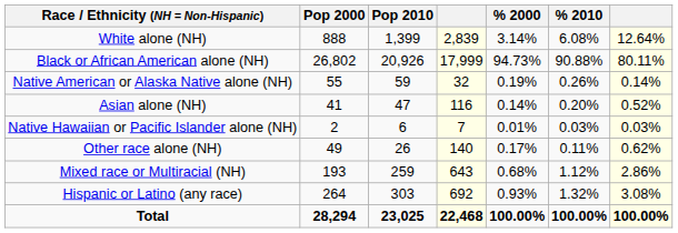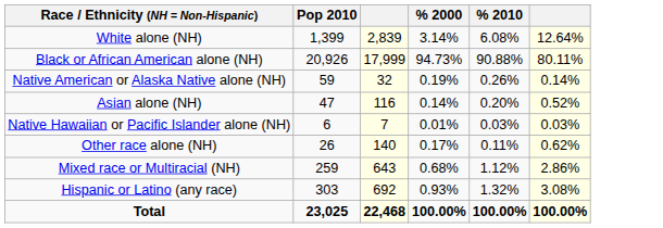 <table class="wikitable" style="text-align:center;">
 <tr>
 <th>Race / Ethnicity <small>(<em>NH = Non-Hispanic</em>)</small></th>
-<th>Pop 2000</th>
 <th>Pop 2010</th>
 <th></th>
 <th>% 2000</th>
 <th>% 2010</th>
 <th></th>
 </tr>
 <tr>
 <td><a href='#'>White</a> alone (NH)</td>
-<td>888</td>
 <td>1,399</td>
 <td style='background: #ffffe6;'>2,839</td>
 <td>3.14%</td>
 <td>6.08%</td>
 <td style='background: #ffffe6;'>12.64%</td>
 </tr>
 <tr>
 <td><a href='#'>Black or African American</a> alone (NH)</td>
-<td>26,802</td>
 <td>20,926</td>
 <td style='background: #ffffe6;'>17,999</td>
 <td>94.73%</td>
 <td>90.88%</td>
 <td style='background: #ffffe6;'>80.11%</td>
 </tr>
 <tr>
 <td><a href='#'>Native American</a> or <a href='#'>Alaska Native</a> alone (NH)</td>
-<td>55</td>
 <td>59</td>
 <td style='background: #ffffe6;'>32</td>
 <td>0.19%</td>
 <td>0.26%</td>
 <td style='background: #ffffe6;'>0.14%</td>
 </tr>
 <tr>
 <td><a href='#'>Asian</a> alone (NH)</td>
-<td>41</td>
 <td>47</td>
 <td style='background: #ffffe6;'>116</td>
 <td>0.14%</td>
 <td>0.20%</td>
 <td style='background: #ffffe6;'>0.52%</td>
 </tr>
 <tr>
 <td><a href='#'>Native Hawaiian</a> or <a href='#'>Pacific Islander</a> alone (NH)</td>
-<td>2</td>
 <td>6</td>
 <td style='background: #ffffe6;'>7</td>
 <td>0.01%</td>
 <td>0.03%</td>
 <td style='background: #ffffe6;'>0.03%</td>
 </tr>
 <tr>
 <td><a href='#'>Other race</a> alone (NH)</td>
-<td>49</td>
 <td>26</td>
 <td style='background: #ffffe6;'>140</td>
 <td>0.17%</td>
 <td>0.11%</td>
 <td style='background: #ffffe6;'>0.62%</td>
 </tr>
 <tr>
 <td><a href='#'>Mixed race or Multiracial</a> (NH)</td>
-<td>193</td>
 <td>259</td>
 <td style='background: #ffffe6;'>643</td>
 <td>0.68%</td>
 <td>1.12%</td>
 <td style='background: #ffffe6;'>2.86%</td>
 </tr>
 <tr>
 <td><a href='#'>Hispanic or Latino</a> (any race)</td>
-<td>264</td>
 <td>303</td>
 <td style='background: #ffffe6;'>692</td>
 <td>0.93%</td>
 <td>1.32%</td>
 <td style='background: #ffffe6;'>3.08%</td>
 </tr>
 <tr>
 <td><strong>Total</strong></td>
-<td><strong>28,294</strong></td>
 <td><strong>23,025</strong></td>
 <td style='background: #ffffe6;'><strong>22,468</strong></td>
 <td><strong>100.00%</strong></td>
 <td><strong>100.00%</strong></td>
 <td style='background: #ffffe6;'><strong>100.00%</strong></td>
 </tr>
 </table>
